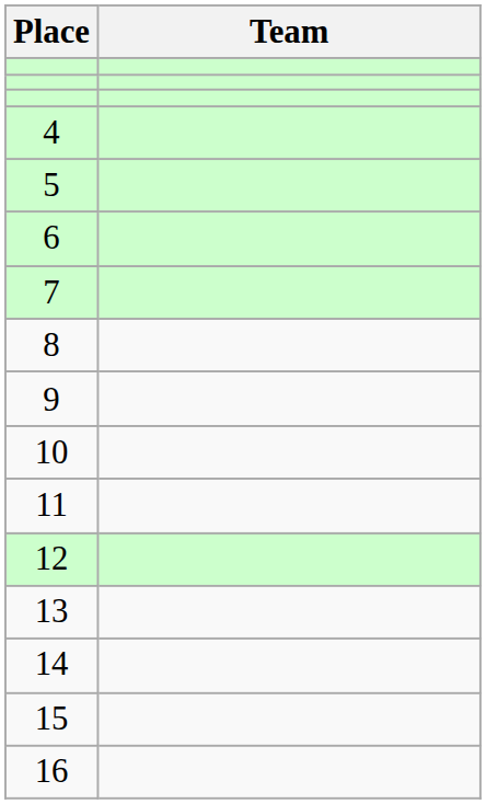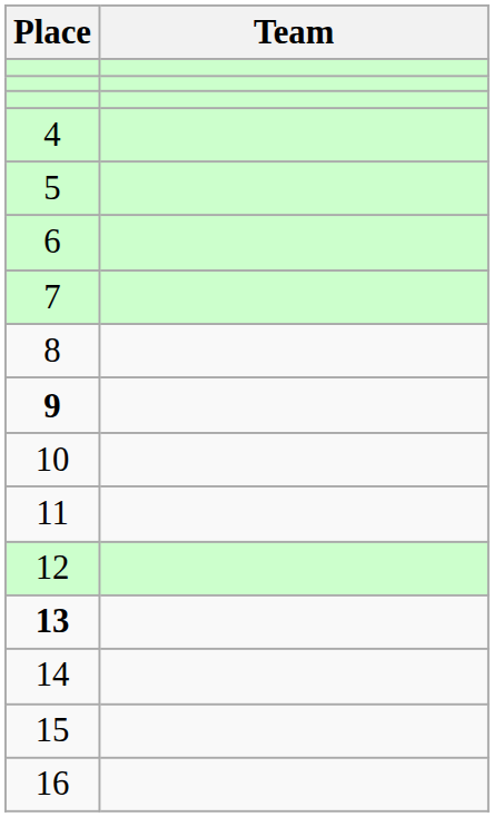 <table class="wikitable" style="text-align: center;">
 <tr>
 <th style="width: 30px;">Place</th>
 <th style="width: 175px;">Team</th>
 </tr>
 <tr style="background: #CCFFCC;">
 <td></td>
 <td style="text-align: left;"></td>
 </tr>
 <tr style="background: #CCFFCC;">
 <td></td>
 <td style="text-align: left;"></td>
 </tr>
 <tr style="background: #CCFFCC;">
 <td></td>
 <td style="text-align: left;"></td>
 </tr>
 <tr style="background: #CCFFCC;">
 <td>4</td>
 <td style="text-align: left;"></td>
 </tr>
 <tr style="background: #CCFFCC;">
 <td>5</td>
 <td style="text-align: left;"></td>
 </tr>
 <tr style="background: #CCFFCC;">
 <td>6</td>
 <td style="text-align: left;"></td>
 </tr>
 <tr style="background: #CCFFCC;">
 <td>7</td>
 <td style="text-align: left;"></td>
 </tr>
 <tr>
 <td>8</td>
 <td style="text-align: left;"></td>
 </tr>
 <tr>
-<td>9</td>
+<td><strong>9</strong></td>
 <td style="text-align: left;"></td>
 </tr>
 <tr>
 <td>10</td>
 <td style="text-align: left;"></td>
 </tr>
 <tr>
 <td>11</td>
 <td style="text-align: left;"></td>
 </tr>
 <tr style="background: #CCFFCC;">
 <td>12</td>
 <td style="text-align: left;"></td>
 </tr>
 <tr>
-<td>13</td>
+<td><strong>13</strong></td>
 <td style="text-align: left;"></td>
 </tr>
 <tr>
 <td>14</td>
 <td style="text-align: left;"></td>
 </tr>
 <tr>
 <td>15</td>
 <td style="text-align: left;"></td>
 </tr>
 <tr>
 <td>16</td>
 <td style="text-align: left;"></td>
 </tr>
 </table>
